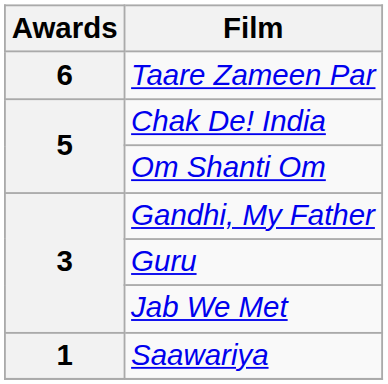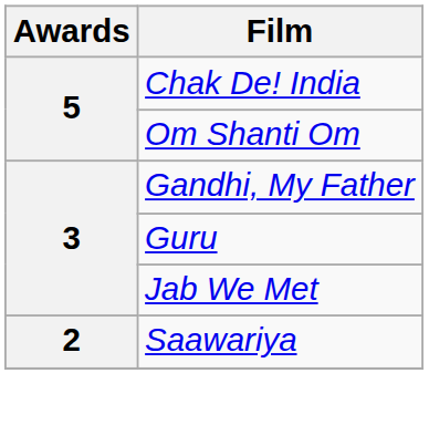 <table class="wikitable" style="display:inline-table;">
 <tr>
 <th>Awards</th>
 <th>Film</th>
-</tr>
-<tr>
-<th>6</th>
-<td><em><a href='#'>Taare Zameen Par</a></em></td>
 </tr>
 <tr>
 <th rowspan="2">5</th>
 <td><em><a href='#'>Chak De! India</a></em></td>
 </tr>
 <tr>
 <td><em><a href='#'>Om Shanti Om</a></em></td>
 </tr>
 <tr>
 <th rowspan="3">3</th>
 <td><em><a href='#'>Gandhi, My Father</a></em></td>
 </tr>
 <tr>
 <td><em><a href='#'>Guru</a></em></td>
 </tr>
 <tr>
 <td><em><a href='#'>Jab We Met</a></em></td>
 </tr>
 <tr>
-<th rowspan="1">1</th>
+<th rowspan="1">2</th>
 <td><em><a href='#'>Saawariya</a></em></td>
 </tr>
 <tr>
 </tr>
 </table>
